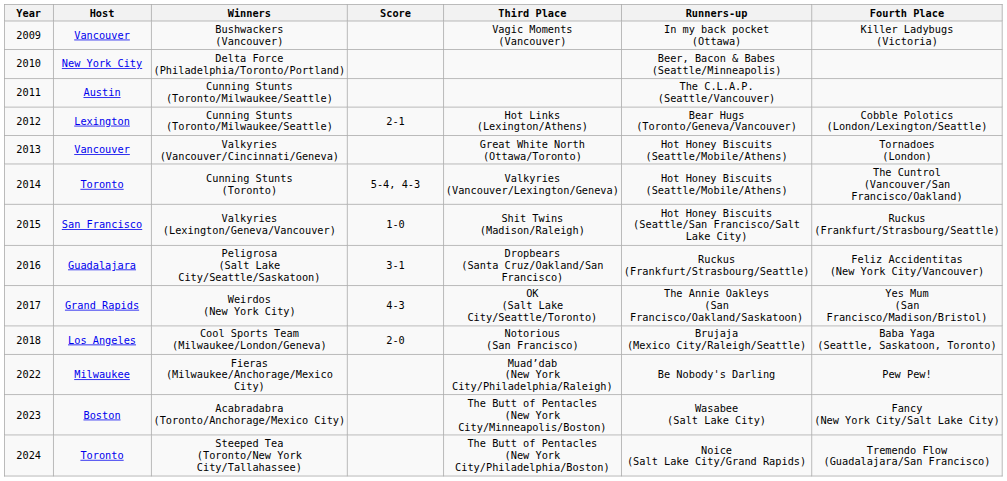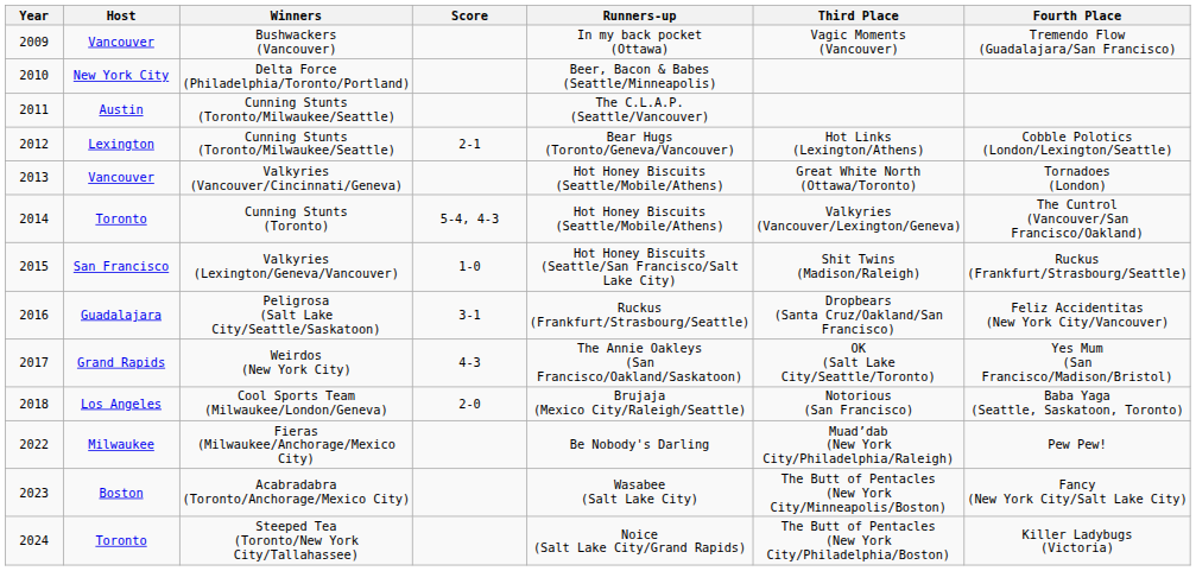 <table class="wikitable mw-collapsible" style="text-align:center; width:100%">
 <tr>
 <th width=5%>Year</th>
 <th width=10%>Host</th>
 <th width=15%>Winners</th>
 <th width=10%>Score</th>
+<th width=15%>Runners-up</th>
 <th width=15%>Third Place</th>
-<th width=15%>Runners-up</th>
 <th width=15%>Fourth Place</th>
 </tr>
 <tr>
 <td>2009</td>
 <td><a href='#'>Vancouver</a> </td>
 <td>Bushwackers<br> (Vancouver)</td>
 <td></td>
+<td>In my back pocket<br> (Ottawa)</td>
 <td>Vagic Moments<br> (Vancouver)</td>
-<td>In my back pocket<br> (Ottawa)</td>
-<td>Killer Ladybugs<br> (Victoria)</td>
+<td>Tremendo Flow<br> (Guadalajara/San Francisco)</td>
 </tr>
 <tr>
 <td>2010</td>
 <td><a href='#'>New York City</a> </td>
 <td>Delta Force<br> (Philadelphia/Toronto/Portland)</td>
 <td></td>
+<td>Beer, Bacon & Babes<br> (Seattle/Minneapolis)</td>
 <td></td>
-<td>Beer, Bacon & Babes<br> (Seattle/Minneapolis)</td>
 <td></td>
 </tr>
 <tr>
 <td>2011</td>
 <td><a href='#'>Austin</a> </td>
 <td>Cunning Stunts<br> (Toronto/Milwaukee/Seattle)</td>
 <td></td>
+<td>The C.L.A.P.<br> (Seattle/Vancouver)</td>
 <td></td>
-<td>The C.L.A.P.<br> (Seattle/Vancouver)</td>
 <td></td>
 </tr>
 <tr>
 <td>2012</td>
 <td><a href='#'>Lexington</a> </td>
 <td>Cunning Stunts<br> (Toronto/Milwaukee/Seattle)</td>
 <td>2-1</td>
+<td>Bear Hugs<br> (Toronto/Geneva/Vancouver)</td>
 <td>Hot Links<br> (Lexington/Athens)</td>
-<td>Bear Hugs<br> (Toronto/Geneva/Vancouver)</td>
 <td>Cobble Polotics<br> (London/Lexington/Seattle)</td>
 </tr>
 <tr>
 <td>2013</td>
 <td><a href='#'>Vancouver</a> </td>
 <td>Valkyries<br> (Vancouver/Cincinnati/Geneva)</td>
 <td></td>
+<td>Hot Honey Biscuits<br> (Seattle/Mobile/Athens)</td>
 <td>Great White North<br> (Ottawa/Toronto)</td>
-<td>Hot Honey Biscuits<br> (Seattle/Mobile/Athens)</td>
 <td>Tornadoes<br> (London)</td>
 </tr>
 <tr>
 <td>2014</td>
 <td><a href='#'>Toronto</a> </td>
 <td>Cunning Stunts<br> (Toronto)</td>
 <td>5-4, 4-3</td>
+<td>Hot Honey Biscuits<br> (Seattle/Mobile/Athens)</td>
 <td>Valkyries<br> (Vancouver/Lexington/Geneva)</td>
-<td>Hot Honey Biscuits<br> (Seattle/Mobile/Athens)</td>
 <td>The Cuntrol<br> (Vancouver/San Francisco/Oakland)</td>
 </tr>
 <tr>
 <td>2015</td>
 <td><a href='#'>San Francisco</a> </td>
 <td>Valkyries<br> (Lexington/Geneva/Vancouver)</td>
 <td>1-0</td>
+<td>Hot Honey Biscuits<br> (Seattle/San Francisco/Salt Lake City)</td>
 <td>Shit Twins<br> (Madison/Raleigh)</td>
-<td>Hot Honey Biscuits<br> (Seattle/San Francisco/Salt Lake City)</td>
 <td>Ruckus<br> (Frankfurt/Strasbourg/Seattle)</td>
 </tr>
 <tr>
 <td>2016</td>
 <td><a href='#'>Guadalajara</a> </td>
 <td>Peligrosa<br> (Salt Lake City/Seattle/Saskatoon)</td>
 <td>3-1</td>
+<td>Ruckus<br> (Frankfurt/Strasbourg/Seattle)</td>
 <td>Dropbears<br> (Santa Cruz/Oakland/San Francisco)</td>
-<td>Ruckus<br> (Frankfurt/Strasbourg/Seattle)</td>
 <td>Feliz Accidentitas<br> (New York City/Vancouver)</td>
 </tr>
 <tr>
 <td>2017</td>
 <td><a href='#'>Grand Rapids</a> </td>
 <td>Weirdos<br> (New York City)</td>
 <td>4-3</td>
+<td>The Annie Oakleys<br> (San Francisco/Oakland/Saskatoon)</td>
 <td>OK<br> (Salt Lake City/Seattle/Toronto)</td>
-<td>The Annie Oakleys<br> (San Francisco/Oakland/Saskatoon)</td>
 <td>Yes Mum<br> (San Francisco/Madison/Bristol)</td>
 </tr>
 <tr>
 <td>2018</td>
 <td><a href='#'>Los Angeles</a> </td>
 <td>Cool Sports Team<br> (Milwaukee/London/Geneva)</td>
 <td>2-0</td>
+<td>Brujaja<br> (Mexico City/Raleigh/Seattle)</td>
 <td>Notorious<br> (San Francisco)</td>
-<td>Brujaja<br> (Mexico City/Raleigh/Seattle)</td>
 <td>Baba Yaga<br> (Seattle, Saskatoon, Toronto)</td>
 </tr>
 <tr>
 <td>2022</td>
 <td><a href='#'>Milwaukee</a></td>
 <td>Fieras<br> (Milwaukee/Anchorage/Mexico City)</td>
 <td></td>
+<td>Be Nobody's Darling</td>
 <td>Muad’dab<br> (New York City/Philadelphia/Raleigh)</td>
-<td>Be Nobody's Darling</td>
 <td>Pew Pew!</td>
 </tr>
 <tr>
 <td>2023 </td>
 <td><a href='#'>Boston</a></td>
 <td>Acabradabra<br> (Toronto/Anchorage/Mexico City)</td>
 <td></td>
+<td>Wasabee<br> (Salt Lake City)</td>
 <td>The Butt of Pentacles<br> (New York City/Minneapolis/Boston)</td>
-<td>Wasabee<br> (Salt Lake City)</td>
 <td>Fancy<br> (New York City/Salt Lake City)</td>
 </tr>
 <tr>
 <td>2024 </td>
 <td><a href='#'>Toronto</a></td>
 <td>Steeped Tea<br> (Toronto/New York City/Tallahassee)</td>
 <td></td>
+<td>Noice<br> (Salt Lake City/Grand Rapids)</td>
 <td>The Butt of Pentacles<br> (New York City/Philadelphia/Boston)</td>
-<td>Noice<br> (Salt Lake City/Grand Rapids)</td>
-<td>Tremendo Flow<br> (Guadalajara/San Francisco)</td>
+<td>Killer Ladybugs<br> (Victoria)</td>
 </tr>
 </table>
